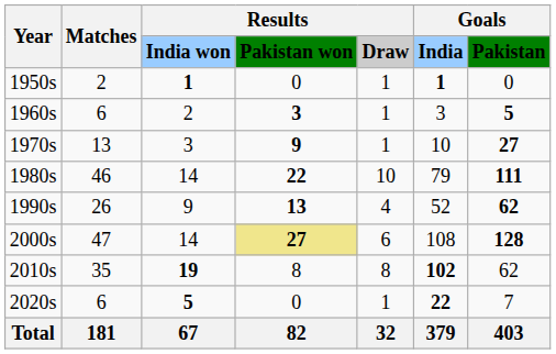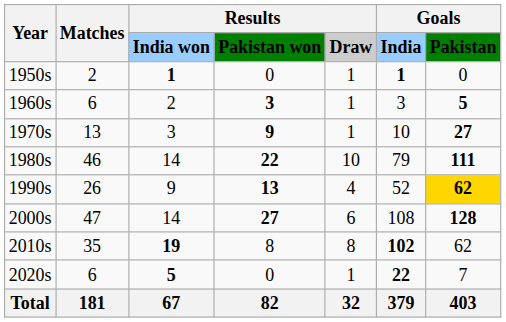 <table class="wikitable">
 <tr>
 <th rowspan=2>Year</th>
 <th rowspan=2>Matches</th>
 <th colspan=3>Results</th>
 <th colspan=2>Goals</th>
 </tr>
 <tr>
 <th style="background:#9cf;"> India won</th>
 <th style="background:green;"> Pakistan won</th>
 <th style="background:#ccc;">Draw</th>
 <th style="background:#9cf;"> India</th>
 <th style="background:green;"> Pakistan</th>
 </tr>
 <tr>
 <td style="text-align:center">1950s</td>
 <td style="text-align:center">2</td>
 <td style="text-align:center"><strong>1</strong></td>
 <td style="text-align:center">0</td>
 <td style="text-align:center">1</td>
 <td style="text-align:center"><strong>1</strong></td>
 <td style="text-align:center">0</td>
 </tr>
 <tr>
 <td style="text-align:center">1960s</td>
 <td style="text-align:center">6</td>
 <td style="text-align:center">2</td>
 <td style="text-align:center"><strong>3</strong></td>
 <td style="text-align:center">1</td>
 <td style="text-align:center">3</td>
 <td style="text-align:center"><strong>5</strong></td>
 </tr>
 <tr>
 <td style="text-align:center">1970s</td>
 <td style="text-align:center">13</td>
 <td style="text-align:center">3</td>
 <td style="text-align:center"><strong>9</strong></td>
 <td style="text-align:center">1</td>
 <td style="text-align:center">10</td>
 <td style="text-align:center"><strong>27</strong></td>
 </tr>
 <tr>
 <td style="text-align:center">1980s</td>
 <td style="text-align:center">46</td>
 <td style="text-align:center">14</td>
 <td style="text-align:center"><strong>22</strong></td>
 <td style="text-align:center">10</td>
 <td style="text-align:center">79</td>
 <td style="text-align:center"><strong>111</strong></td>
 </tr>
 <tr>
 <td style="text-align:center">1990s</td>
 <td style="text-align:center">26</td>
 <td style="text-align:center">9</td>
 <td style="text-align:center"><strong>13</strong></td>
 <td style="text-align:center">4</td>
 <td style="text-align:center">52</td>
-<td style="text-align:center"><strong>62</strong></td>
+<td style="background: gold; text-align:center"><strong>62</strong></td>
 </tr>
 <tr>
 <td style="text-align:center">2000s</td>
 <td style="text-align:center">47</td>
 <td style="text-align:center">14</td>
-<td style="background: khaki; text-align:center"><strong>27</strong></td>
+<td style="text-align:center"><strong>27</strong></td>
 <td style="text-align:center">6</td>
 <td style="text-align:center">108</td>
 <td style="text-align:center"><strong>128</strong></td>
 </tr>
 <tr>
 <td style="text-align:center">2010s</td>
 <td style="text-align:center">35</td>
 <td style="text-align:center"><strong>19</strong></td>
 <td style="text-align:center">8</td>
 <td style="text-align:center">8</td>
 <td style="text-align:center"><strong>102</strong></td>
 <td style="text-align:center">62</td>
 </tr>
 <tr>
 <td style="text-align:center">2020s</td>
 <td style="text-align:center">6</td>
 <td style="text-align:center"><strong>5</strong></td>
 <td style="text-align:center">0</td>
 <td style="text-align:center">1</td>
 <td style="text-align:center"><strong>22</strong></td>
 <td style="text-align:center">7</td>
 </tr>
 <tr>
 <th style="text-align:center">Total</th>
 <th style="text-align:center">181</th>
 <th style="text-align:center">67</th>
 <th style="text-align:center">82</th>
 <th style="text-align:center">32</th>
 <th style="text-align:center">379</th>
 <th style="text-align:center">403</th>
 </tr>
 </table>
